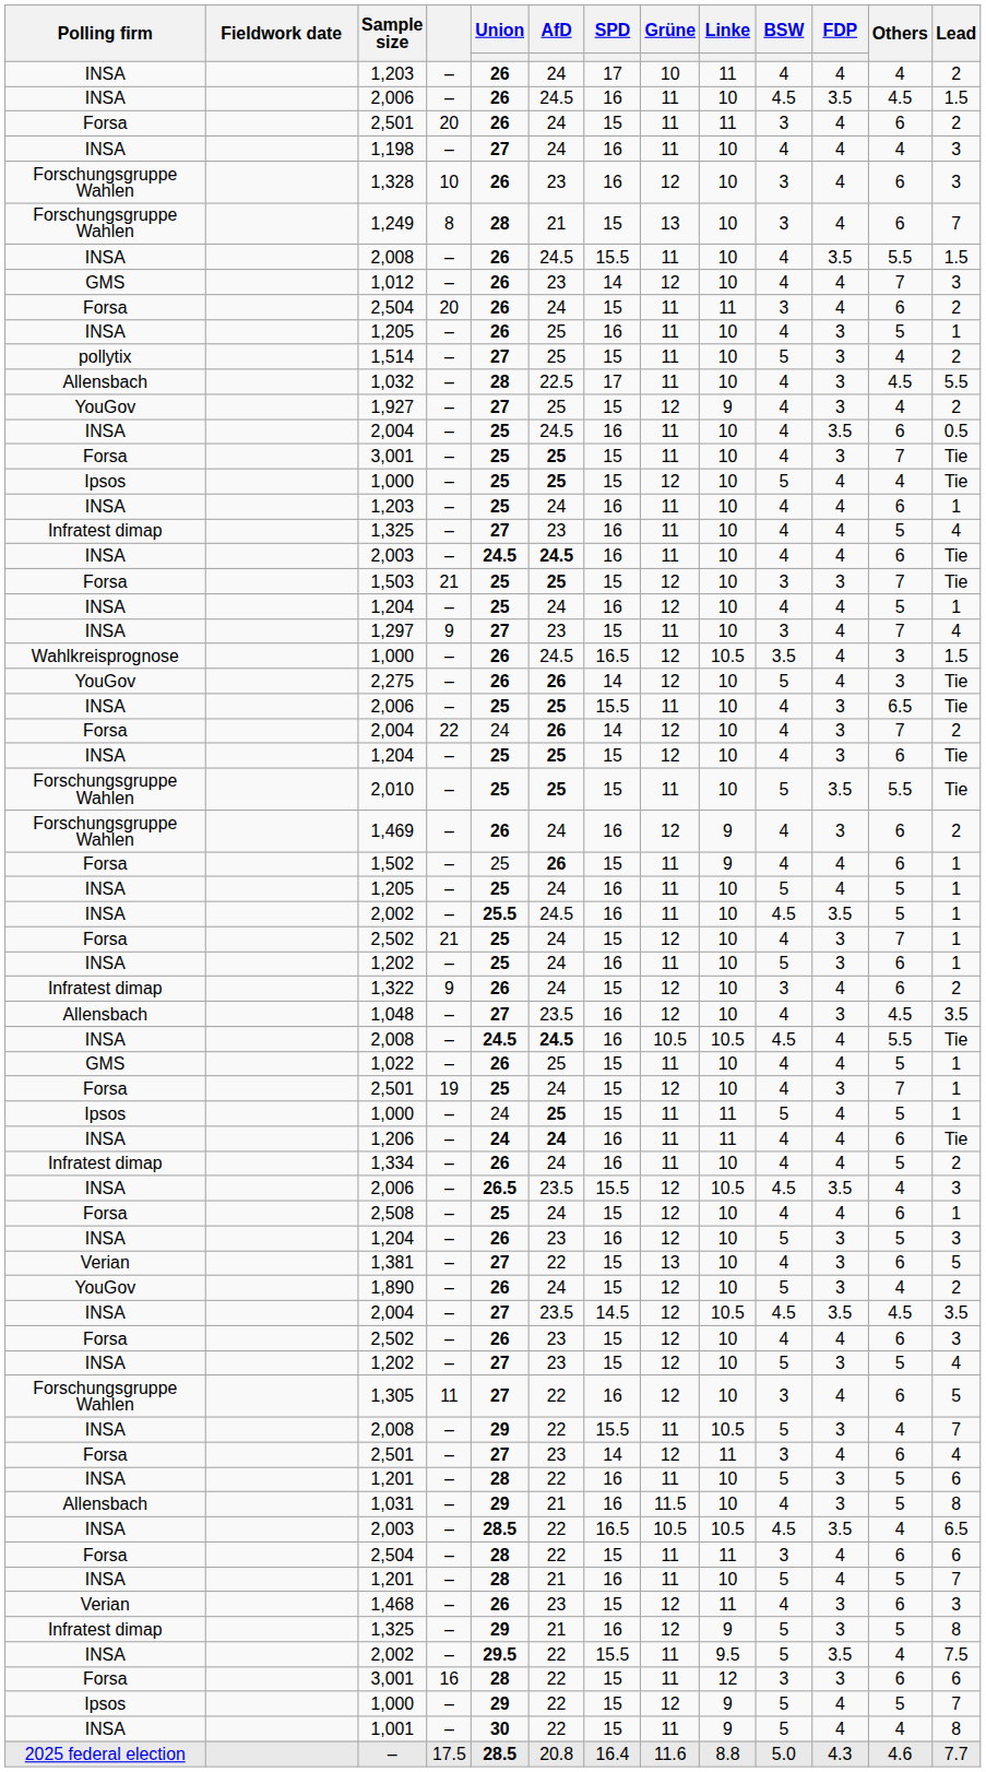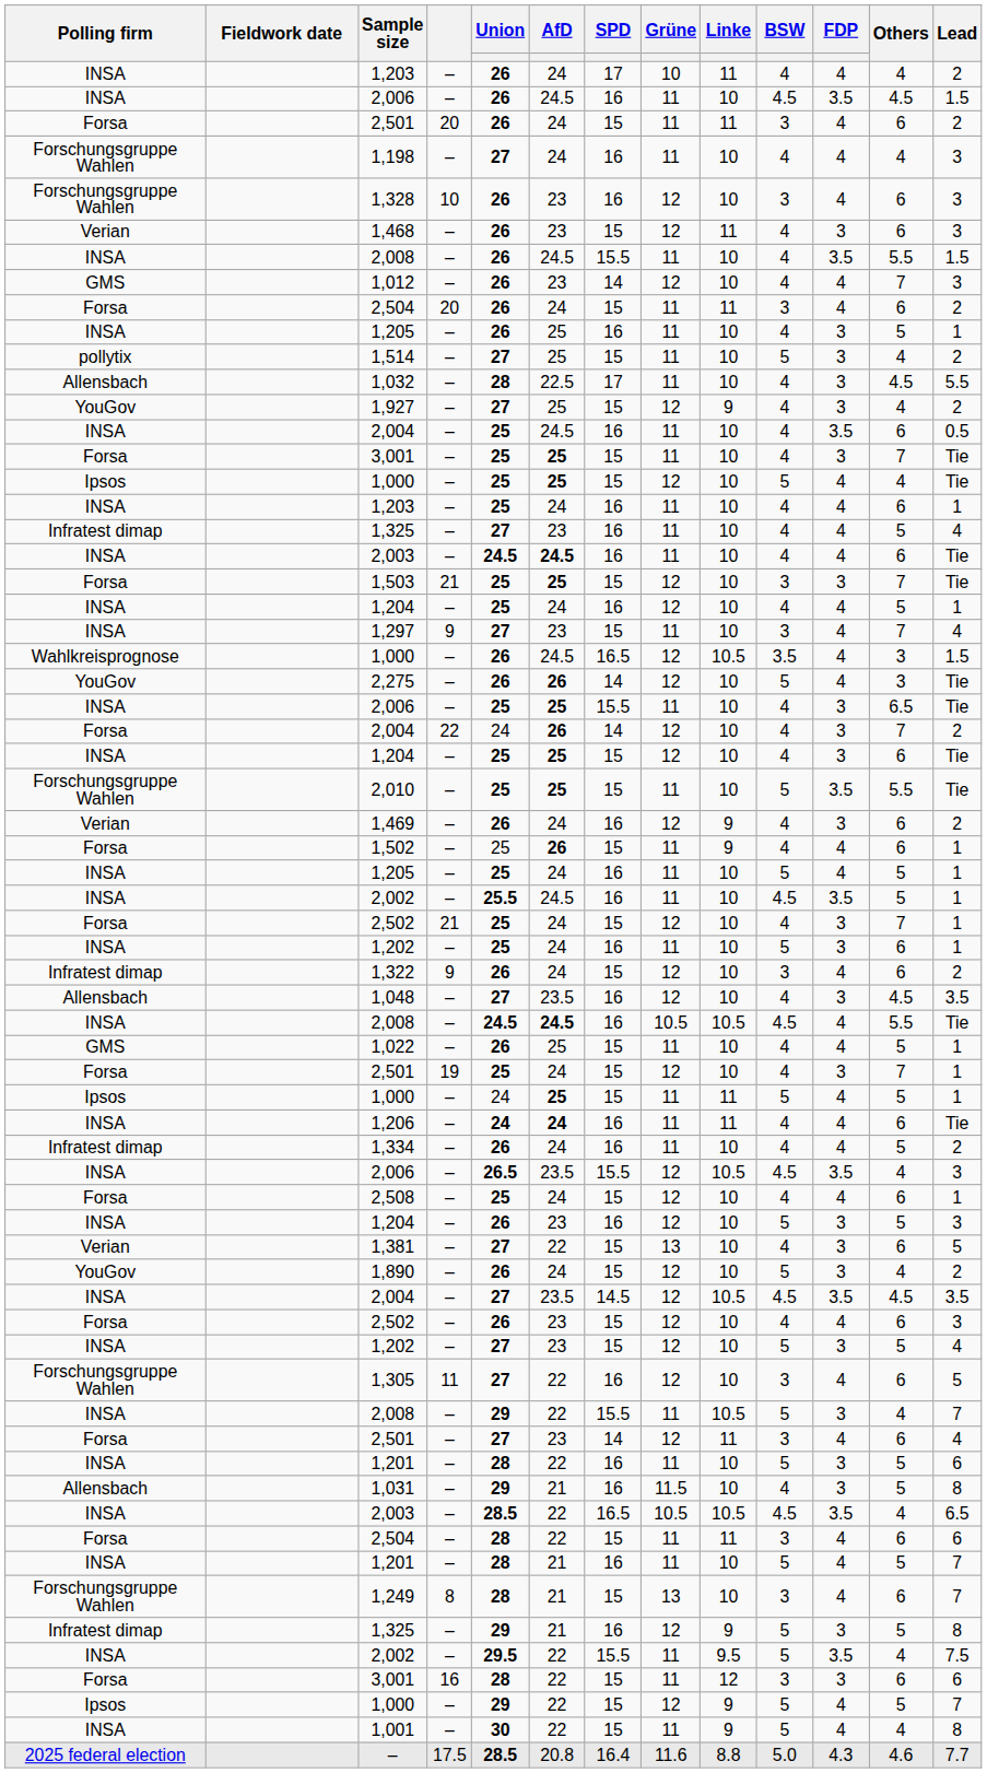 <table class="wikitable sortable mw-datatable mw-collapsible" style="text-align:center;font-size:90%;line-height:14px;">
 <tr style="height:40px;">
 <th style="width:160px;" rowspan="2">Polling firm</th>
 <th style="width:120px;" rowspan="2">Fieldwork date</th>
 <th style="width: 35px;" rowspan="2">Sample<br>size</th>
 <th style="width: 30px;" rowspan="2"></th>
 <th class="unsortable" style="width:40px;"><a href='#'>Union</a></th>
 <th class="unsortable" style="width:40px;"><a href='#'>AfD</a></th>
 <th class="unsortable" style="width:40px;"><a href='#'>SPD</a></th>
 <th class="unsortable" style="width:40px;"><a href='#'>Grüne</a></th>
 <th class="unsortable" style="width:40px;"><a href='#'>Linke</a></th>
 <th class="unsortable" style="width:40px;"><a href='#'>BSW</a></th>
 <th class="unsortable" style="width:40px;"><a href='#'>FDP</a></th>
 <th class="unsortable" style="width:30px;" rowspan="2">Others</th>
 <th style="width:30px;" rowspan="2">Lead</th>
 </tr>
 <tr>
 <th style="background:"></th>
 <th style="background:"></th>
 <th style="background:"></th>
 <th style="background:"></th>
 <th style="background:"></th>
 <th style="background:"></th>
 <th style="background:"></th>
 </tr>
 <tr>
 <td>INSA</td>
 <td></td>
 <td>1,203</td>
 <td>–</td>
 <td><strong>26</strong></td>
 <td>24</td>
 <td>17</td>
 <td>10</td>
 <td>11</td>
 <td>4</td>
 <td>4</td>
 <td>4</td>
 <td style="background:">2</td>
 </tr>
 <tr>
 <td>INSA</td>
 <td></td>
 <td>2,006</td>
 <td>–</td>
 <td><strong>26</strong></td>
 <td>24.5</td>
 <td>16</td>
 <td>11</td>
 <td>10</td>
 <td>4.5</td>
 <td>3.5</td>
 <td>4.5</td>
 <td style="background:">1.5</td>
 </tr>
 <tr>
 <td>Forsa</td>
 <td></td>
 <td>2,501</td>
 <td>20</td>
 <td><strong>26</strong></td>
 <td>24</td>
 <td>15</td>
 <td>11</td>
 <td>11</td>
 <td>3</td>
 <td>4</td>
 <td>6</td>
 <td style="background:">2</td>
 </tr>
 <tr>
-<td>INSA</td>
+<td>Forschungsgruppe Wahlen</td>
 <td></td>
 <td>1,198</td>
 <td>–</td>
 <td><strong>27</strong></td>
 <td>24</td>
 <td>16</td>
 <td>11</td>
 <td>10</td>
 <td>4</td>
 <td>4</td>
 <td>4</td>
 <td style="background:">3</td>
 </tr>
 <tr>
 <td>Forschungsgruppe Wahlen</td>
 <td></td>
 <td>1,328</td>
 <td>10</td>
 <td><strong>26</strong></td>
 <td>23</td>
 <td>16</td>
 <td>12</td>
 <td>10</td>
 <td>3</td>
 <td>4</td>
 <td>6</td>
 <td style="background:">3</td>
 </tr>
 <tr>
-<td>Forschungsgruppe Wahlen</td>
+<td>Verian</td>
 <td></td>
-<td>1,249</td>
-<td>8</td>
-<td><strong>28</strong></td>
-<td>21</td>
+<td>1,468</td>
+<td>–</td>
+<td><strong>26</strong></td>
+<td>23</td>
 <td>15</td>
-<td>13</td>
-<td>10</td>
+<td>12</td>
+<td>11</td>
+<td>4</td>
 <td>3</td>
-<td>4</td>
 <td>6</td>
-<td style="background:">7</td>
+<td style="background:">3</td>
 </tr>
 <tr>
 <td>INSA</td>
 <td></td>
 <td>2,008</td>
 <td>–</td>
 <td><strong>26</strong></td>
 <td>24.5</td>
 <td>15.5</td>
 <td>11</td>
 <td>10</td>
 <td>4</td>
 <td>3.5</td>
 <td>5.5</td>
 <td style="background:">1.5</td>
 </tr>
 <tr>
 <td>GMS</td>
 <td></td>
 <td>1,012</td>
 <td>–</td>
 <td><strong>26</strong></td>
 <td>23</td>
 <td>14</td>
 <td>12</td>
 <td>10</td>
 <td>4</td>
 <td>4</td>
 <td>7</td>
 <td style="background:">3</td>
 </tr>
 <tr>
 <td>Forsa</td>
 <td></td>
 <td>2,504</td>
 <td>20</td>
 <td><strong>26</strong></td>
 <td>24</td>
 <td>15</td>
 <td>11</td>
 <td>11</td>
 <td>3</td>
 <td>4</td>
 <td>6</td>
 <td style="background:">2</td>
 </tr>
 <tr>
 <td>INSA</td>
 <td></td>
 <td>1,205</td>
 <td>–</td>
 <td><strong>26</strong></td>
 <td>25</td>
 <td>16</td>
 <td>11</td>
 <td>10</td>
 <td>4</td>
 <td>3</td>
 <td>5</td>
 <td style="background:">1</td>
 </tr>
 <tr>
 <td>pollytix</td>
 <td></td>
 <td>1,514</td>
 <td>–</td>
 <td><strong>27</strong></td>
 <td>25</td>
 <td>15</td>
 <td>11</td>
 <td>10</td>
 <td>5</td>
 <td>3</td>
 <td>4</td>
 <td style="background:">2</td>
 </tr>
 <tr>
 <td>Allensbach</td>
 <td></td>
 <td>1,032</td>
 <td>–</td>
 <td><strong>28</strong></td>
 <td>22.5</td>
 <td>17</td>
 <td>11</td>
 <td>10</td>
 <td>4</td>
 <td>3</td>
 <td>4.5</td>
 <td style="background:">5.5</td>
 </tr>
 <tr>
 <td>YouGov</td>
 <td></td>
 <td>1,927</td>
 <td>–</td>
 <td><strong>27</strong></td>
 <td>25</td>
 <td>15</td>
 <td>12</td>
 <td>9</td>
 <td>4</td>
 <td>3</td>
 <td>4</td>
 <td style="background:">2</td>
 </tr>
 <tr>
 <td>INSA</td>
 <td></td>
 <td>2,004</td>
 <td>–</td>
 <td><strong>25</strong></td>
 <td>24.5</td>
 <td>16</td>
 <td>11</td>
 <td>10</td>
 <td>4</td>
 <td>3.5</td>
 <td>6</td>
 <td style="background:">0.5</td>
 </tr>
 <tr>
 <td>Forsa</td>
 <td></td>
 <td>3,001</td>
 <td>–</td>
 <td><strong>25</strong></td>
 <td><strong>25</strong></td>
 <td>15</td>
 <td>11</td>
 <td>10</td>
 <td>4</td>
 <td>3</td>
 <td>7</td>
 <td>Tie</td>
 </tr>
 <tr>
 <td>Ipsos</td>
 <td></td>
 <td>1,000</td>
 <td>–</td>
 <td><strong>25</strong></td>
 <td><strong>25</strong></td>
 <td>15</td>
 <td>12</td>
 <td>10</td>
 <td>5</td>
 <td>4</td>
 <td>4</td>
 <td>Tie</td>
 </tr>
 <tr>
 <td>INSA</td>
 <td></td>
 <td>1,203</td>
 <td>–</td>
 <td><strong>25</strong></td>
 <td>24</td>
 <td>16</td>
 <td>11</td>
 <td>10</td>
 <td>4</td>
 <td>4</td>
 <td>6</td>
 <td style="background:">1</td>
 </tr>
 <tr>
 <td>Infratest dimap</td>
 <td></td>
 <td>1,325</td>
 <td>–</td>
 <td><strong>27</strong></td>
 <td>23</td>
 <td>16</td>
 <td>11</td>
 <td>10</td>
 <td>4</td>
 <td>4</td>
 <td>5</td>
 <td style="background:">4</td>
 </tr>
 <tr>
 <td>INSA</td>
 <td></td>
 <td>2,003</td>
 <td>–</td>
 <td><strong>24.5</strong></td>
 <td><strong>24.5</strong></td>
 <td>16</td>
 <td>11</td>
 <td>10</td>
 <td>4</td>
 <td>4</td>
 <td>6</td>
 <td>Tie</td>
 </tr>
 <tr>
 <td>Forsa</td>
 <td></td>
 <td>1,503</td>
 <td>21</td>
 <td><strong>25</strong></td>
 <td><strong>25</strong></td>
 <td>15</td>
 <td>12</td>
 <td>10</td>
 <td>3</td>
 <td>3</td>
 <td>7</td>
 <td>Tie</td>
 </tr>
 <tr>
 <td>INSA</td>
 <td></td>
 <td>1,204</td>
 <td>–</td>
 <td><strong>25</strong></td>
 <td>24</td>
 <td>16</td>
 <td>12</td>
 <td>10</td>
 <td>4</td>
 <td>4</td>
 <td>5</td>
 <td style="background:">1</td>
 </tr>
 <tr>
 <td>INSA</td>
 <td></td>
 <td>1,297</td>
 <td>9</td>
 <td><strong>27</strong></td>
 <td>23</td>
 <td>15</td>
 <td>11</td>
 <td>10</td>
 <td>3</td>
 <td>4</td>
 <td>7</td>
 <td style="background:">4</td>
 </tr>
 <tr>
 <td>Wahlkreisprognose</td>
 <td></td>
 <td>1,000</td>
 <td>–</td>
 <td><strong>26</strong></td>
 <td>24.5</td>
 <td>16.5</td>
 <td>12</td>
 <td>10.5</td>
 <td>3.5</td>
 <td>4</td>
 <td>3</td>
 <td style="background:">1.5</td>
 </tr>
 <tr>
 <td>YouGov</td>
 <td></td>
 <td>2,275</td>
 <td>–</td>
 <td><strong>26</strong></td>
 <td><strong>26</strong></td>
 <td>14</td>
 <td>12</td>
 <td>10</td>
 <td>5</td>
 <td>4</td>
 <td>3</td>
 <td>Tie</td>
 </tr>
 <tr>
 <td>INSA</td>
 <td></td>
 <td>2,006</td>
 <td>–</td>
 <td><strong>25</strong></td>
 <td><strong>25</strong></td>
 <td>15.5</td>
 <td>11</td>
 <td>10</td>
 <td>4</td>
 <td>3</td>
 <td>6.5</td>
 <td>Tie</td>
 </tr>
 <tr>
 <td>Forsa</td>
 <td></td>
 <td>2,004</td>
 <td>22</td>
 <td>24</td>
 <td><strong>26</strong></td>
 <td>14</td>
 <td>12</td>
 <td>10</td>
 <td>4</td>
 <td>3</td>
 <td>7</td>
 <td style="background:">2</td>
 </tr>
 <tr>
 <td>INSA</td>
 <td></td>
 <td>1,204</td>
 <td>–</td>
 <td><strong>25</strong></td>
 <td><strong>25</strong></td>
 <td>15</td>
 <td>12</td>
 <td>10</td>
 <td>4</td>
 <td>3</td>
 <td>6</td>
 <td>Tie</td>
 </tr>
 <tr>
 <td>Forschungsgruppe Wahlen</td>
 <td></td>
 <td>2,010</td>
 <td>–</td>
 <td><strong>25</strong></td>
 <td><strong>25</strong></td>
 <td>15</td>
 <td>11</td>
 <td>10</td>
 <td>5</td>
 <td>3.5</td>
 <td>5.5</td>
 <td>Tie</td>
 </tr>
 <tr>
-<td>Forschungsgruppe Wahlen</td>
+<td>Verian</td>
 <td></td>
 <td>1,469</td>
 <td>–</td>
 <td><strong>26</strong></td>
 <td>24</td>
 <td>16</td>
 <td>12</td>
 <td>9</td>
 <td>4</td>
 <td>3</td>
 <td>6</td>
 <td style="background:">2</td>
 </tr>
 <tr>
 <td>Forsa</td>
 <td></td>
 <td>1,502</td>
 <td>–</td>
 <td>25</td>
 <td><strong>26</strong></td>
 <td>15</td>
 <td>11</td>
 <td>9</td>
 <td>4</td>
 <td>4</td>
 <td>6</td>
 <td style="background:">1</td>
 </tr>
 <tr>
 <td>INSA</td>
 <td></td>
 <td>1,205</td>
 <td>–</td>
 <td><strong>25</strong></td>
 <td>24</td>
 <td>16</td>
 <td>11</td>
 <td>10</td>
 <td>5</td>
 <td>4</td>
 <td>5</td>
 <td style="background:">1</td>
 </tr>
 <tr>
 <td>INSA</td>
 <td></td>
 <td>2,002</td>
 <td>–</td>
 <td><strong>25.5</strong></td>
 <td>24.5</td>
 <td>16</td>
 <td>11</td>
 <td>10</td>
 <td>4.5</td>
 <td>3.5</td>
 <td>5</td>
 <td style="background:">1</td>
 </tr>
 <tr>
 <td>Forsa</td>
 <td></td>
 <td>2,502</td>
 <td>21</td>
 <td><strong>25</strong></td>
 <td>24</td>
 <td>15</td>
 <td>12</td>
 <td>10</td>
 <td>4</td>
 <td>3</td>
 <td>7</td>
 <td style="background:">1</td>
 </tr>
 <tr>
 <td>INSA</td>
 <td></td>
 <td>1,202</td>
 <td>–</td>
 <td><strong>25</strong></td>
 <td>24</td>
 <td>16</td>
 <td>11</td>
 <td>10</td>
 <td>5</td>
 <td>3</td>
 <td>6</td>
 <td style="background:">1</td>
 </tr>
 <tr>
 <td>Infratest dimap</td>
 <td></td>
 <td>1,322</td>
 <td>9</td>
 <td><strong>26</strong></td>
 <td>24</td>
 <td>15</td>
 <td>12</td>
 <td>10</td>
 <td>3</td>
 <td>4</td>
 <td>6</td>
 <td style="background:">2</td>
 </tr>
 <tr>
 <td>Allensbach</td>
 <td></td>
 <td>1,048</td>
 <td>–</td>
 <td><strong>27</strong></td>
 <td>23.5</td>
 <td>16</td>
 <td>12</td>
 <td>10</td>
 <td>4</td>
 <td>3</td>
 <td>4.5</td>
 <td style="background:">3.5</td>
 </tr>
 <tr>
 <td>INSA</td>
 <td></td>
 <td>2,008</td>
 <td>–</td>
 <td><strong>24.5</strong></td>
 <td><strong>24.5</strong></td>
 <td>16</td>
 <td>10.5</td>
 <td>10.5</td>
 <td>4.5</td>
 <td>4</td>
 <td>5.5</td>
 <td>Tie</td>
 </tr>
 <tr>
 <td>GMS</td>
 <td></td>
 <td>1,022</td>
 <td>–</td>
 <td><strong>26</strong></td>
 <td>25</td>
 <td>15</td>
 <td>11</td>
 <td>10</td>
 <td>4</td>
 <td>4</td>
 <td>5</td>
 <td style="background:">1</td>
 </tr>
 <tr>
 <td>Forsa</td>
 <td></td>
 <td>2,501</td>
 <td>19</td>
 <td><strong>25</strong></td>
 <td>24</td>
 <td>15</td>
 <td>12</td>
 <td>10</td>
 <td>4</td>
 <td>3</td>
 <td>7</td>
 <td style="background:">1</td>
 </tr>
 <tr>
 <td>Ipsos</td>
 <td></td>
 <td>1,000</td>
 <td>–</td>
 <td>24</td>
 <td><strong>25</strong></td>
 <td>15</td>
 <td>11</td>
 <td>11</td>
 <td>5</td>
 <td>4</td>
 <td>5</td>
 <td style="background:">1</td>
 </tr>
 <tr>
 <td>INSA</td>
 <td></td>
 <td>1,206</td>
 <td>–</td>
 <td><strong>24</strong></td>
 <td><strong>24</strong></td>
 <td>16</td>
 <td>11</td>
 <td>11</td>
 <td>4</td>
 <td>4</td>
 <td>6</td>
 <td>Tie</td>
 </tr>
 <tr>
 <td>Infratest dimap</td>
 <td></td>
 <td>1,334</td>
 <td>–</td>
 <td><strong>26</strong></td>
 <td>24</td>
 <td>16</td>
 <td>11</td>
 <td>10</td>
 <td>4</td>
 <td>4</td>
 <td>5</td>
 <td style="background:">2</td>
 </tr>
 <tr>
 <td>INSA</td>
 <td></td>
 <td>2,006</td>
 <td>–</td>
 <td><strong>26.5</strong></td>
 <td>23.5</td>
 <td>15.5</td>
 <td>12</td>
 <td>10.5</td>
 <td>4.5</td>
 <td>3.5</td>
 <td>4</td>
 <td style="background:">3</td>
 </tr>
 <tr>
 <td>Forsa</td>
 <td></td>
 <td>2,508</td>
 <td>–</td>
 <td><strong>25</strong></td>
 <td>24</td>
 <td>15</td>
 <td>12</td>
 <td>10</td>
 <td>4</td>
 <td>4</td>
 <td>6</td>
 <td style="background:">1</td>
 </tr>
 <tr>
 <td>INSA</td>
 <td></td>
 <td>1,204</td>
 <td>–</td>
 <td><strong>26</strong></td>
 <td>23</td>
 <td>16</td>
 <td>12</td>
 <td>10</td>
 <td>5</td>
 <td>3</td>
 <td>5</td>
 <td style="background:">3</td>
 </tr>
 <tr>
 <td>Verian</td>
 <td></td>
 <td>1,381</td>
 <td>–</td>
 <td><strong>27</strong></td>
 <td>22</td>
 <td>15</td>
 <td>13</td>
 <td>10</td>
 <td>4</td>
 <td>3</td>
 <td>6</td>
 <td style="background:">5</td>
 </tr>
 <tr>
 <td>YouGov</td>
 <td></td>
 <td>1,890</td>
 <td>–</td>
 <td><strong>26</strong></td>
 <td>24</td>
 <td>15</td>
 <td>12</td>
 <td>10</td>
 <td>5</td>
 <td>3</td>
 <td>4</td>
 <td style="background:">2</td>
 </tr>
 <tr>
 <td>INSA</td>
 <td></td>
 <td>2,004</td>
 <td>–</td>
 <td><strong>27</strong></td>
 <td>23.5</td>
 <td>14.5</td>
 <td>12</td>
 <td>10.5</td>
 <td>4.5</td>
 <td>3.5</td>
 <td>4.5</td>
 <td style="background:">3.5</td>
 </tr>
 <tr>
 <td>Forsa</td>
 <td></td>
 <td>2,502</td>
 <td>–</td>
 <td><strong>26</strong></td>
 <td>23</td>
 <td>15</td>
 <td>12</td>
 <td>10</td>
 <td>4</td>
 <td>4</td>
 <td>6</td>
 <td style="background:">3</td>
 </tr>
 <tr>
 <td>INSA</td>
 <td></td>
 <td>1,202</td>
 <td>–</td>
 <td><strong>27</strong></td>
 <td>23</td>
 <td>15</td>
 <td>12</td>
 <td>10</td>
 <td>5</td>
 <td>3</td>
 <td>5</td>
 <td style="background:">4</td>
 </tr>
 <tr>
 <td>Forschungsgruppe Wahlen</td>
 <td></td>
 <td>1,305</td>
 <td>11</td>
 <td><strong>27</strong></td>
 <td>22</td>
 <td>16</td>
 <td>12</td>
 <td>10</td>
 <td>3</td>
 <td>4</td>
 <td>6</td>
 <td style="background:">5</td>
 </tr>
 <tr>
 <td>INSA</td>
 <td></td>
 <td>2,008</td>
 <td>–</td>
 <td><strong>29</strong></td>
 <td>22</td>
 <td>15.5</td>
 <td>11</td>
 <td>10.5</td>
 <td>5</td>
 <td>3</td>
 <td>4</td>
 <td style="background:">7</td>
 </tr>
 <tr>
 <td>Forsa</td>
 <td></td>
 <td>2,501</td>
 <td>–</td>
 <td><strong>27</strong></td>
 <td>23</td>
 <td>14</td>
 <td>12</td>
 <td>11</td>
 <td>3</td>
 <td>4</td>
 <td>6</td>
 <td style="background:">4</td>
 </tr>
 <tr>
 <td>INSA</td>
 <td></td>
 <td>1,201</td>
 <td>–</td>
 <td><strong>28</strong></td>
 <td>22</td>
 <td>16</td>
 <td>11</td>
 <td>10</td>
 <td>5</td>
 <td>3</td>
 <td>5</td>
 <td style="background:">6</td>
 </tr>
 <tr>
 <td>Allensbach</td>
 <td></td>
 <td>1,031</td>
 <td>–</td>
 <td><strong>29</strong></td>
 <td>21</td>
 <td>16</td>
 <td>11.5</td>
 <td>10</td>
 <td>4</td>
 <td>3</td>
 <td>5</td>
 <td style="background:">8</td>
 </tr>
 <tr>
 <td>INSA</td>
 <td></td>
 <td>2,003</td>
 <td>–</td>
 <td><strong>28.5</strong></td>
 <td>22</td>
 <td>16.5</td>
 <td>10.5</td>
 <td>10.5</td>
 <td>4.5</td>
 <td>3.5</td>
 <td>4</td>
 <td style="background:">6.5</td>
 </tr>
 <tr>
 <td>Forsa</td>
 <td></td>
 <td>2,504</td>
 <td>–</td>
 <td><strong>28</strong></td>
 <td>22</td>
 <td>15</td>
 <td>11</td>
 <td>11</td>
 <td>3</td>
 <td>4</td>
 <td>6</td>
 <td style="background:">6</td>
 </tr>
 <tr>
 <td>INSA</td>
 <td></td>
 <td>1,201</td>
 <td>–</td>
 <td><strong>28</strong></td>
 <td>21</td>
 <td>16</td>
 <td>11</td>
 <td>10</td>
 <td>5</td>
 <td>4</td>
 <td>5</td>
 <td style="background:">7</td>
 </tr>
 <tr>
-<td>Verian</td>
+<td>Forschungsgruppe Wahlen</td>
 <td></td>
-<td>1,468</td>
-<td>–</td>
-<td><strong>26</strong></td>
-<td>23</td>
+<td>1,249</td>
+<td>8</td>
+<td><strong>28</strong></td>
+<td>21</td>
 <td>15</td>
-<td>12</td>
-<td>11</td>
+<td>13</td>
+<td>10</td>
+<td>3</td>
 <td>4</td>
-<td>3</td>
 <td>6</td>
-<td style="background:">3</td>
+<td style="background:">7</td>
 </tr>
 <tr>
 <td>Infratest dimap</td>
 <td></td>
 <td>1,325</td>
 <td>–</td>
 <td><strong>29</strong></td>
 <td>21</td>
 <td>16</td>
 <td>12</td>
 <td>9</td>
 <td>5</td>
 <td>3</td>
 <td>5</td>
 <td style="background:">8</td>
 </tr>
 <tr>
 <td>INSA</td>
 <td></td>
 <td>2,002</td>
 <td>–</td>
 <td><strong>29.5</strong></td>
 <td>22</td>
 <td>15.5</td>
 <td>11</td>
 <td>9.5</td>
 <td>5</td>
 <td>3.5</td>
 <td>4</td>
 <td style="background:">7.5</td>
 </tr>
 <tr>
 <td>Forsa</td>
 <td></td>
 <td>3,001</td>
 <td>16</td>
 <td><strong>28</strong></td>
 <td>22</td>
 <td>15</td>
 <td>11</td>
 <td>12</td>
 <td>3</td>
 <td>3</td>
 <td>6</td>
 <td style="background:">6</td>
 </tr>
 <tr>
 <td>Ipsos</td>
 <td></td>
 <td>1,000</td>
 <td>–</td>
 <td><strong>29</strong></td>
 <td>22</td>
 <td>15</td>
 <td>12</td>
 <td>9</td>
 <td>5</td>
 <td>4</td>
 <td>5</td>
 <td style="background:">7</td>
 </tr>
 <tr>
 <td>INSA</td>
 <td></td>
 <td>1,001</td>
 <td>–</td>
 <td><strong>30</strong></td>
 <td>22</td>
 <td>15</td>
 <td>11</td>
 <td>9</td>
 <td>5</td>
 <td>4</td>
 <td>4</td>
 <td style="background:">8</td>
 </tr>
 <tr style="background:#E9E9E9;">
 <td><a href='#'>2025 federal election</a></td>
 <td></td>
 <td>–</td>
 <td>17.5</td>
 <td><strong>28.5</strong></td>
 <td>20.8</td>
 <td>16.4</td>
 <td>11.6</td>
 <td>8.8</td>
 <td>5.0</td>
 <td>4.3</td>
 <td>4.6</td>
 <td style="background:">7.7</td>
 </tr>
 </table>
